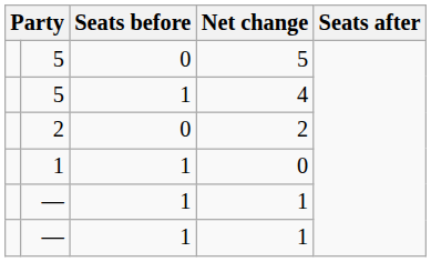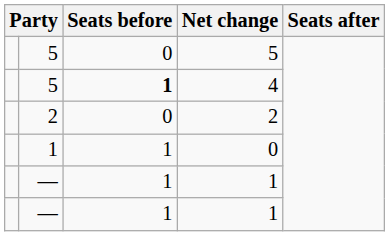 <table class=wikitable style="text-align:right">
 <tr>
 <th colspan="2">Party</th>
 <th>Seats before</th>
 <th>Net change</th>
 <th>Seats after</th>
 </tr>
 <tr>
 <td></td>
 <td>5</td>
 <td> 0</td>
 <td>5</td>
 </tr>
 <tr>
 <td></td>
 <td>5</td>
-<td> 1</td>
+<td><strong> 1</strong></td>
 <td>4</td>
 </tr>
 <tr>
 <td></td>
 <td>2</td>
 <td> 0</td>
 <td>2</td>
 </tr>
 <tr>
 <td></td>
 <td>1</td>
 <td> 1</td>
 <td>0</td>
 </tr>
 <tr>
 <td></td>
 <td>—</td>
 <td> 1</td>
 <td>1</td>
 </tr>
 <tr>
 <td></td>
 <td>—</td>
 <td> 1</td>
 <td>1</td>
 </tr>
 </table>
